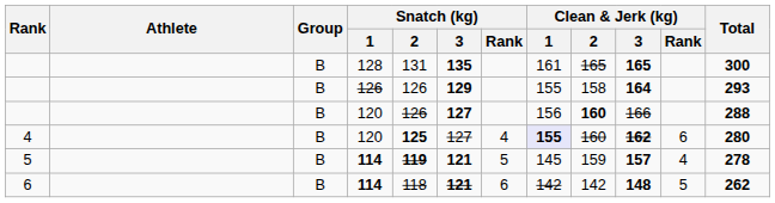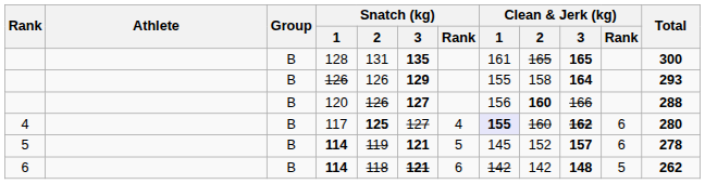 <table class = "wikitable" style="text-align:center;">
 <tr>
 <th rowspan=2 width=40>Rank</th>
 <th rowspan=2 width=250>Athlete</th>
 <th rowspan=2 width=50>Group</th>
 <th colspan=4>Snatch (kg)</th>
 <th colspan=4>Clean & Jerk (kg)</th>
 <th rowspan=2 width=60>Total</th>
 </tr>
 <tr>
 <th width=40>1</th>
 <th width=40>2</th>
 <th width=40>3</th>
 <th width=40>Rank</th>
 <th width=40>1</th>
 <th width=40>2</th>
 <th width=40>3</th>
 <th width=40>Rank</th>
 </tr>
 <tr>
 <td></td>
 <td align=left></td>
 <td>B</td>
 <td>128</td>
 <td>131</td>
 <td><strong>135</strong></td>
 <td></td>
 <td>161</td>
 <td><s>165</s></td>
 <td><strong>165</strong></td>
 <td></td>
 <td><strong>300</strong></td>
 </tr>
 <tr>
 <td></td>
 <td align=left></td>
 <td>B</td>
 <td><s>126</s></td>
 <td>126</td>
 <td><strong>129</strong></td>
 <td></td>
 <td>155</td>
 <td>158</td>
 <td><strong>164</strong></td>
 <td></td>
 <td><strong>293</strong></td>
 </tr>
 <tr>
 <td></td>
 <td align=left></td>
 <td>B</td>
 <td>120</td>
 <td><s>126</s></td>
 <td><strong>127</strong></td>
 <td></td>
 <td>156</td>
 <td><strong>160</strong></td>
 <td><s>166</s></td>
 <td></td>
 <td><strong>288</strong></td>
 </tr>
 <tr>
 <td>4</td>
 <td align=left></td>
 <td>B</td>
-<td>120</td>
+<td>117</td>
 <td><strong>125</strong></td>
 <td><s>127</s></td>
 <td>4</td>
 <td style="background: lavender;"><strong>155</strong></td>
 <td><s>160</s></td>
 <td><strong><s>162</s></strong></td>
 <td>6</td>
 <td><strong>280</strong></td>
 </tr>
 <tr>
 <td>5</td>
 <td align=left></td>
 <td>B</td>
 <td><strong>114</strong></td>
-<td><strong><s>119</s></strong></td>
+<td><s>119</s></td>
 <td><strong>121</strong></td>
 <td>5</td>
 <td>145</td>
-<td>159</td>
+<td>152</td>
 <td><strong>157</strong></td>
-<td>4</td>
+<td>6</td>
 <td><strong>278</strong></td>
 </tr>
 <tr>
 <td>6</td>
 <td align=left></td>
 <td>B</td>
 <td><strong>114</strong></td>
 <td><s>118</s></td>
 <td><strong><s>121</s></strong></td>
 <td>6</td>
 <td><s>142</s></td>
 <td>142</td>
 <td><strong>148</strong></td>
 <td>5</td>
 <td><strong>262</strong></td>
 </tr>
 </table>
